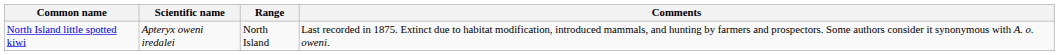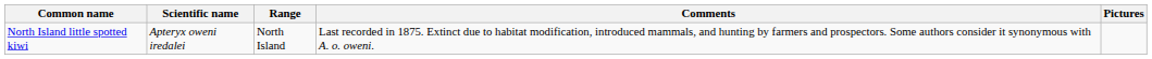 <table class="wikitable">
 <tr>
 <th>Common name</th>
 <th>Scientific name</th>
 <th>Range</th>
 <th class="unsortable">Comments</th>
+<th class="unsortable">Pictures</th>
 </tr>
 <tr>
 <td><a href='#'>North Island little spotted kiwi</a></td>
 <td><em>Apteryx oweni iredalei</em></td>
 <td>North Island</td>
 <td>Last recorded in 1875. Extinct due to habitat modification, introduced mammals, and hunting by farmers and prospectors. Some authors consider it synonymous with <em>A. o. oweni</em>.</td>
+<td></td>
 </tr>
 </table>
